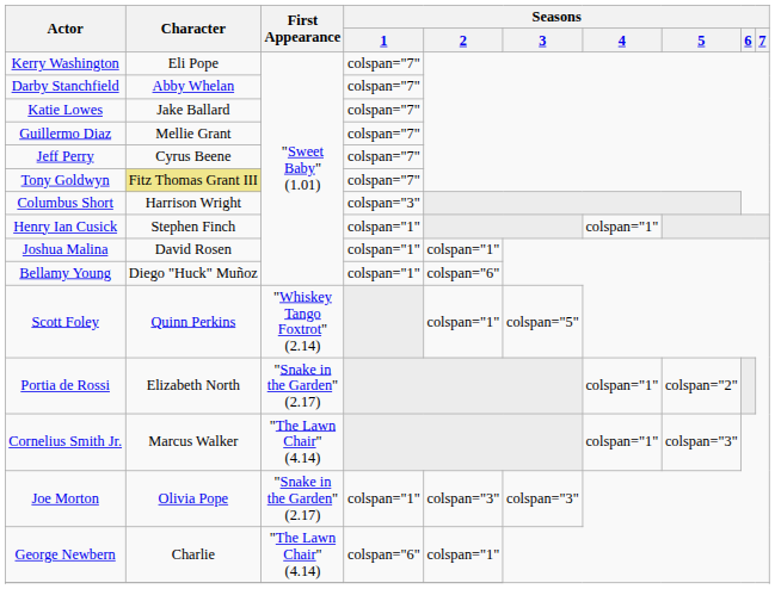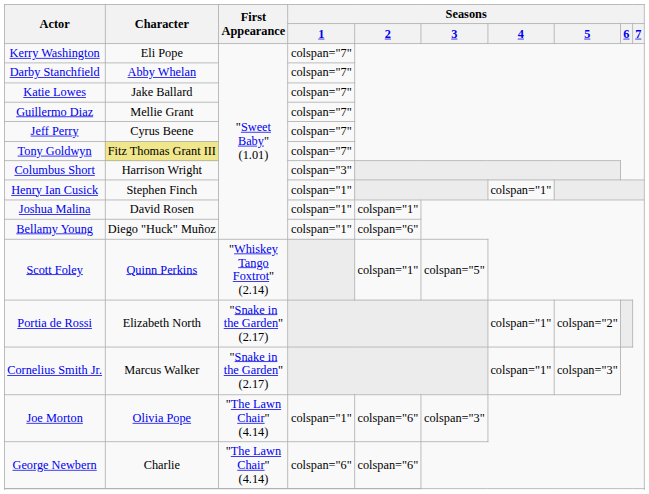 <table class="wikitable mw-collapsible" width="100%" style="text-align:center">
 <tr>
 <th rowspan="2" width="14%">Actor</th>
 <th rowspan="2" width="18%">Character</th>
 <th rowspan="2" width="25%">First Appearance</th>
 <th colspan="7" width="68%">Seasons</th>
 </tr>
 <tr>
 <th width="6%" scope="col"><a href='#'>1</a></th>
 <th width="6%" scope="col"><a href='#'>2</a></th>
 <th width="6%" scope="col"><a href='#'>3</a></th>
 <th width="6%" scope="col"><a href='#'>4</a></th>
 <th width="6%" scope="col"><a href='#'>5</a></th>
 <th width="6%" scope="col"><a href='#'>6</a></th>
 <th width="6%" scope="col"><a href='#'>7</a></th>
 </tr>
 <tr>
 <td><a href='#'>Kerry Washington</a></td>
 <td>Eli Pope</td>
 <td rowspan="10">"<a href='#'>Sweet Baby</a>" (1.01)</td>
 <td>colspan="7" </td>
 </tr>
 <tr>
 <td><a href='#'>Darby Stanchfield</a></td>
 <td><a href='#'>Abby Whelan</a></td>
 <td>colspan="7" </td>
 </tr>
 <tr>
 <td><a href='#'>Katie Lowes</a></td>
 <td>Jake Ballard</td>
 <td>colspan="7" </td>
 </tr>
 <tr>
 <td><a href='#'>Guillermo Diaz</a></td>
 <td>Mellie Grant</td>
 <td>colspan="7" </td>
 </tr>
 <tr>
 <td><a href='#'>Jeff Perry</a></td>
 <td>Cyrus Beene</td>
 <td>colspan="7" </td>
 </tr>
 <tr>
 <td><a href='#'>Tony Goldwyn</a></td>
 <td nowrap style="background: khaki;">Fitz Thomas Grant III</td>
 <td>colspan="7" </td>
 </tr>
 <tr>
 <td><a href='#'>Columbus Short</a></td>
 <td>Harrison Wright</td>
 <td>colspan="3" </td>
 <td colspan="4" style="background: #ececec; color: grey; vertical-align: middle; text-align: center; " class="table-na"></td>
 </tr>
 <tr>
 <td><a href='#'>Henry Ian Cusick</a></td>
 <td>Stephen Finch</td>
 <td>colspan="1" </td>
 <td colspan="2" style="background: #ececec; color: grey; vertical-align: middle; text-align: center; " class="table-na"></td>
 <td>colspan="1" </td>
 <td colspan="3" style="background: #ececec; color: grey; vertical-align: middle; text-align: center; " class="table-na"></td>
 </tr>
 <tr>
 <td><a href='#'>Joshua Malina</a></td>
 <td>David Rosen</td>
 <td>colspan="1" </td>
 <td>colspan="1" </td>
 </tr>
 <tr>
 <td><a href='#'>Bellamy Young</a></td>
 <td>Diego "Huck" Muñoz</td>
 <td>colspan="1" </td>
 <td>colspan="6" </td>
 </tr>
 <tr>
 <td><a href='#'>Scott Foley</a></td>
 <td><a href='#'>Quinn Perkins</a></td>
 <td>"<a href='#'>Whiskey Tango Foxtrot</a>" (2.14)</td>
 <td colspan="1" style="background: #ececec; color: grey; vertical-align: middle; text-align: center; " class="table-na"></td>
 <td>colspan="1" </td>
 <td>colspan="5" </td>
 </tr>
 <tr>
 <td nowrap><a href='#'>Portia de Rossi</a></td>
 <td>Elizabeth North</td>
 <td>"<a href='#'>Snake in the Garden</a>" (2.17)</td>
 <td colspan="3" style="background: #ececec; color: grey; vertical-align: middle; text-align: center; " class="table-na"></td>
 <td>colspan="1" </td>
 <td>colspan="2" </td>
 <td colspan="1" style="background: #ececec; color: grey; vertical-align: middle; text-align: center; " class="table-na"></td>
 </tr>
 <tr>
 <td nowrap><a href='#'>Cornelius Smith Jr.</a></td>
 <td>Marcus Walker</td>
-<td>"<a href='#'>The Lawn Chair</a>" (4.14)</td>
+<td>"<a href='#'>Snake in the Garden</a>" (2.17)</td>
 <td colspan="3" style="background: #ececec; color: grey; vertical-align: middle; text-align: center; " class="table-na"></td>
 <td>colspan="1" </td>
 <td>colspan="3" </td>
 </tr>
 <tr>
 <td><a href='#'>Joe Morton</a></td>
 <td><a href='#'>Olivia Pope</a></td>
-<td>"<a href='#'>Snake in the Garden</a>" (2.17)</td>
+<td>"<a href='#'>The Lawn Chair</a>" (4.14)</td>
 <td>colspan="1" </td>
-<td>colspan="3" </td>
+<td>colspan="6" </td>
 <td>colspan="3" </td>
 </tr>
 <tr>
 <td><a href='#'>George Newbern</a></td>
 <td>Charlie</td>
 <td>"<a href='#'>The Lawn Chair</a>" (4.14)</td>
 <td>colspan="6" </td>
-<td>colspan="1" </td>
+<td>colspan="6" </td>
 </tr>
 <tr>
 </tr>
 <tr>
 </tr>
 </table>
